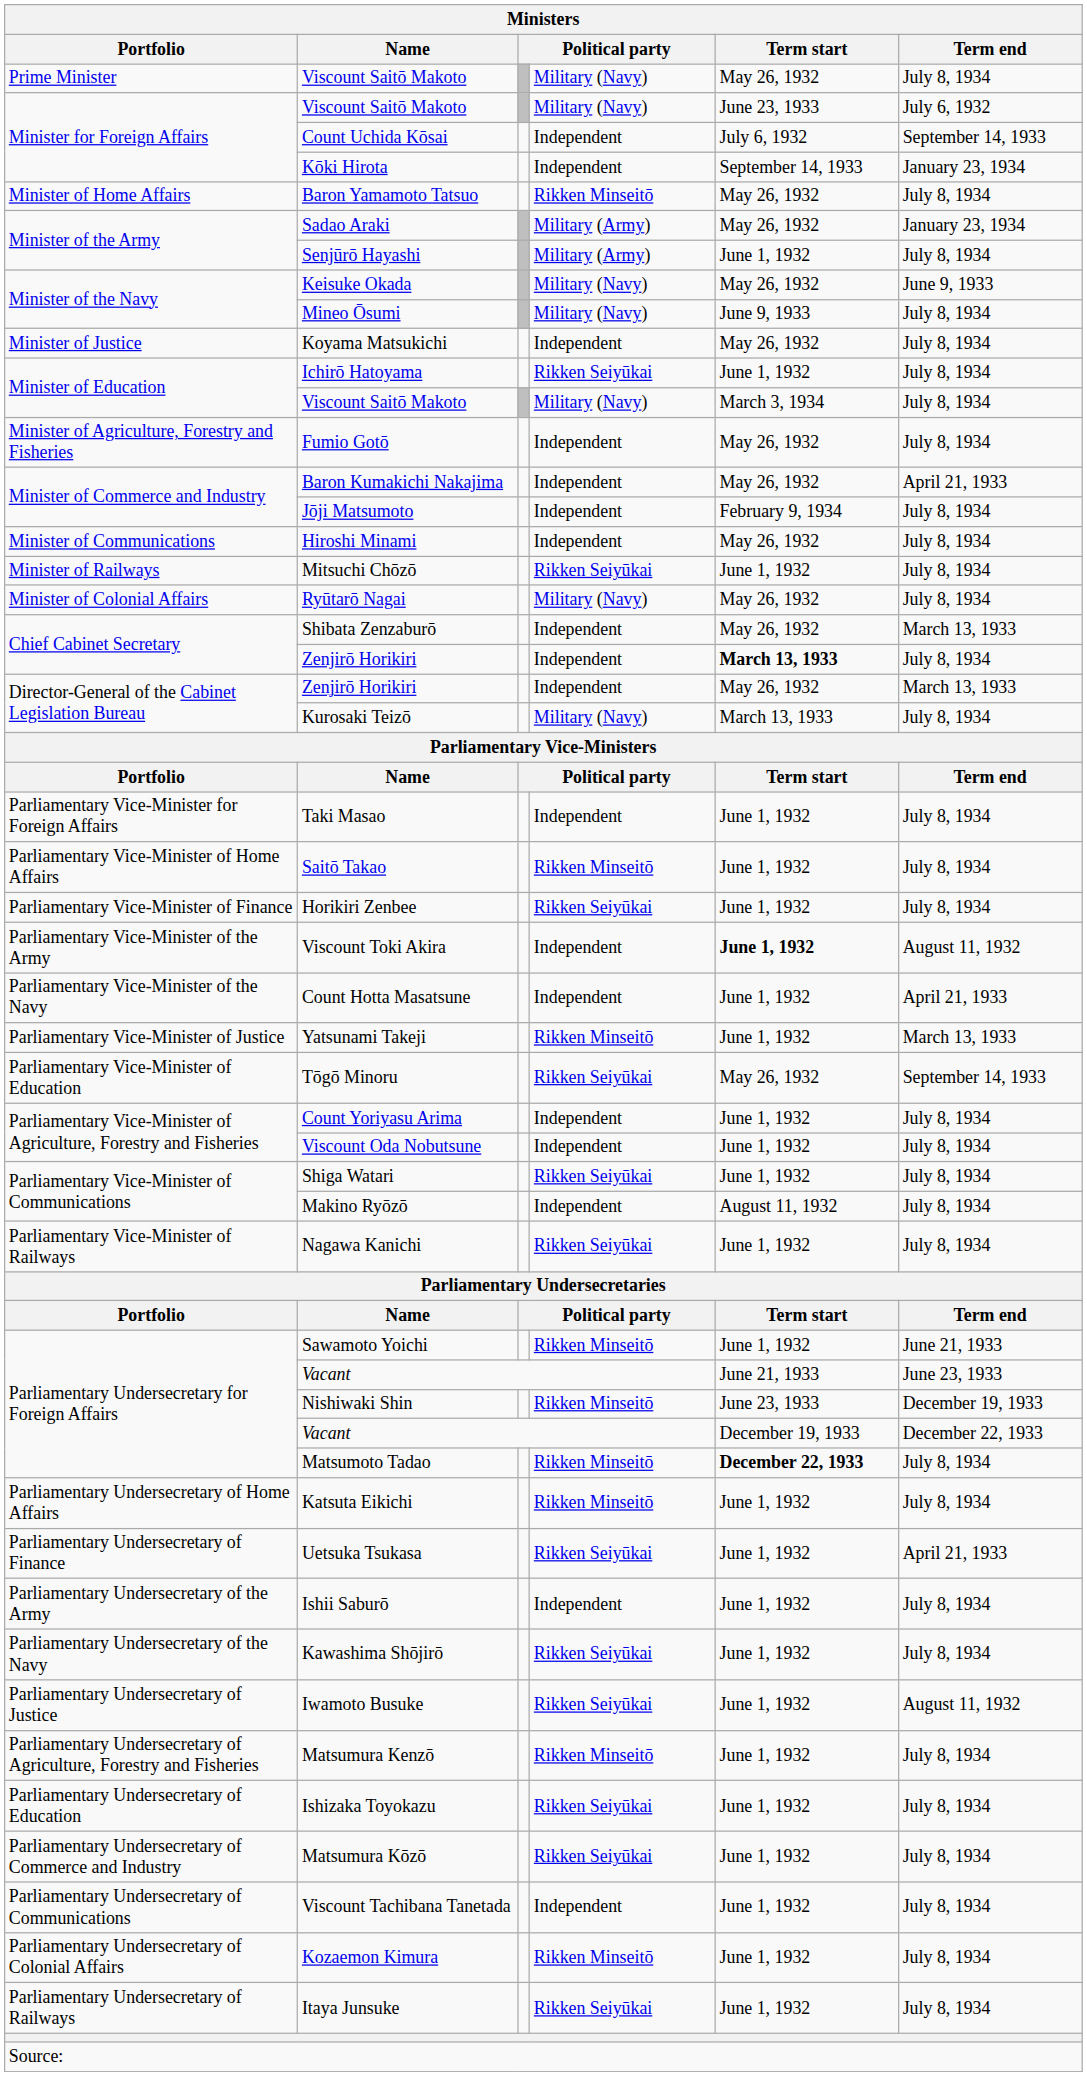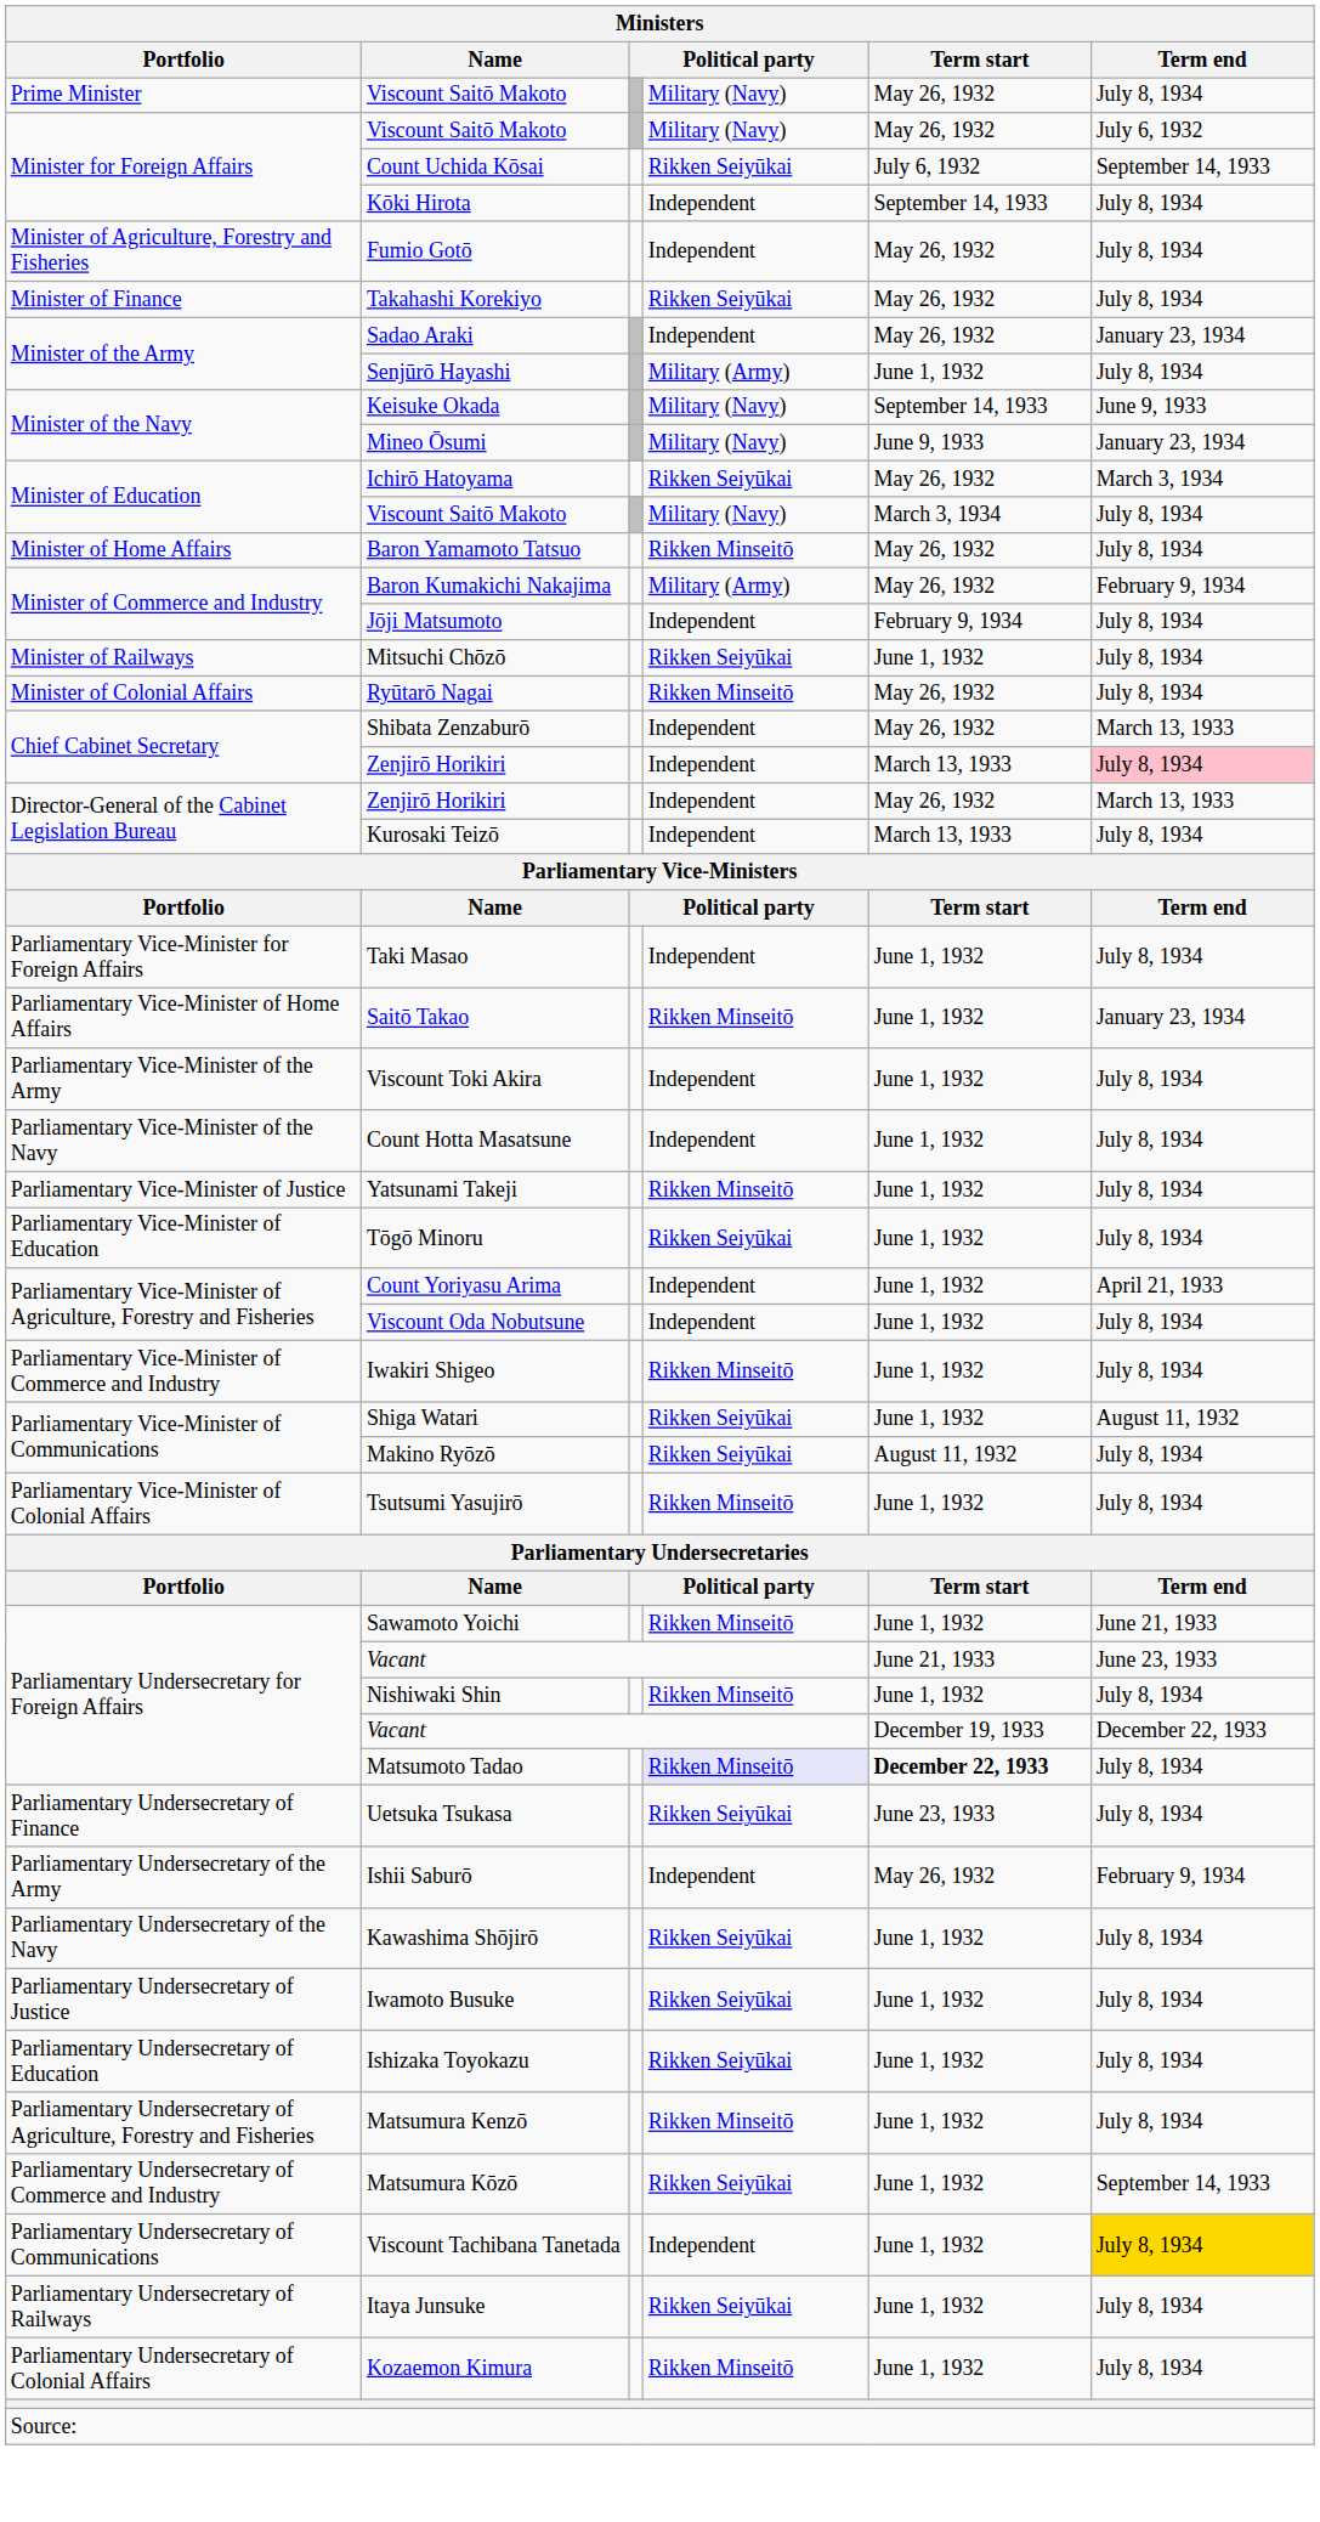 <table class="wikitable unsortable" style="font-size: 90%;">
 <tr>
 <th colspan="6">Ministers</th>
 </tr>
 <tr>
 <th scope="col" width="20%">Portfolio</th>
 <th scope="col" width="15%">Name</th>
 <th colspan="2" scope="col" width="13.5%">Political party</th>
 <th scope="col" width="12.5%">Term start</th>
 <th scope="col" width="12.5%">Term end</th>
 </tr>
 <tr>
 <td style="text-align: left;"><a href='#'>Prime Minister</a></td>
 <td><a href='#'>Viscount Saitō Makoto</a></td>
 <td style="color:inherit;background:#bfbfbf"></td>
 <td><a href='#'>Military</a> (<a href='#'>Navy</a>)</td>
 <td>May 26, 1932</td>
 <td>July 8, 1934</td>
 </tr>
 <tr>
 <td rowspan="3"><a href='#'>Minister for Foreign Affairs</a></td>
 <td><a href='#'>Viscount Saitō Makoto</a></td>
 <td style="color:inherit;background:#bfbfbf"></td>
 <td><a href='#'>Military</a> (<a href='#'>Navy</a>)</td>
-<td>June 23, 1933</td>
+<td>May 26, 1932</td>
 <td>July 6, 1932</td>
 </tr>
 <tr>
 <td><a href='#'>Count Uchida Kōsai</a></td>
 <td style="color:inherit;background:"></td>
-<td>Independent</td>
+<td><a href='#'>Rikken Seiyūkai</a></td>
 <td>July 6, 1932</td>
 <td>September 14, 1933</td>
 </tr>
 <tr>
 <td><a href='#'>Kōki Hirota</a></td>
 <td style="color:inherit;background:"></td>
 <td>Independent</td>
 <td>September 14, 1933</td>
-<td>January 23, 1934</td>
+<td>July 8, 1934</td>
 </tr>
 <tr>
-<td><a href='#'>Minister of Home Affairs</a></td>
-<td><a href='#'>Baron Yamamoto Tatsuo</a></td>
+<td><a href='#'>Minister of Agriculture, Forestry and Fisheries</a></td>
+<td><a href='#'>Fumio Gotō</a></td>
 <td style="color:inherit;background:"></td>
-<td><a href='#'>Rikken Minseitō</a></td>
+<td>Independent</td>
+<td>May 26, 1932</td>
+<td>July 8, 1934</td>
+</tr>
+<tr>
+<td><a href='#'>Minister of Finance</a></td>
+<td><a href='#'>Takahashi Korekiyo</a></td>
+<td style="color:inherit;background:"></td>
+<td><a href='#'>Rikken Seiyūkai</a></td>
 <td>May 26, 1932</td>
 <td>July 8, 1934</td>
 </tr>
 <tr>
 <td rowspan="2"><a href='#'>Minister of the Army</a></td>
 <td><a href='#'>Sadao Araki</a></td>
 <td style="color:inherit;background:#bfbfbf"></td>
-<td><a href='#'>Military</a> (<a href='#'>Army</a>)</td>
+<td>Independent</td>
 <td>May 26, 1932</td>
 <td>January 23, 1934</td>
 </tr>
 <tr>
 <td><a href='#'>Senjūrō Hayashi</a></td>
 <td style="color:inherit;background:#bfbfbf"></td>
 <td><a href='#'>Military</a> (<a href='#'>Army</a>)</td>
 <td>June 1, 1932</td>
 <td>July 8, 1934</td>
 </tr>
 <tr>
 <td rowspan="2"><a href='#'>Minister of the Navy</a></td>
 <td><a href='#'>Keisuke Okada</a></td>
 <td style="color:inherit;background:#bfbfbf"></td>
 <td><a href='#'>Military</a> (<a href='#'>Navy</a>)</td>
-<td>May 26, 1932</td>
+<td>September 14, 1933</td>
 <td>June 9, 1933</td>
 </tr>
 <tr>
 <td><a href='#'>Mineo Ōsumi</a></td>
 <td style="color:inherit;background:#bfbfbf"></td>
 <td><a href='#'>Military</a> (<a href='#'>Navy</a>)</td>
 <td>June 9, 1933</td>
-<td>July 8, 1934</td>
-</tr>
-<tr>
-<td><a href='#'>Minister of Justice</a></td>
-<td>Koyama Matsukichi</td>
-<td style="color:inherit;background:"></td>
-<td>Independent</td>
-<td>May 26, 1932</td>
-<td>July 8, 1934</td>
+<td>January 23, 1934</td>
 </tr>
 <tr>
 <td rowspan="2"><a href='#'>Minister of Education</a></td>
 <td><a href='#'>Ichirō Hatoyama</a></td>
 <td style="color:inherit;background:"></td>
 <td><a href='#'>Rikken Seiyūkai</a></td>
-<td>June 1, 1932</td>
-<td>July 8, 1934</td>
+<td>May 26, 1932</td>
+<td>March 3, 1934</td>
 </tr>
 <tr>
 <td><a href='#'>Viscount Saitō Makoto</a></td>
 <td style="color:inherit;background:#bfbfbf"></td>
 <td><a href='#'>Military</a> (<a href='#'>Navy</a>)</td>
 <td>March 3, 1934</td>
 <td>July 8, 1934</td>
 </tr>
 <tr>
-<td><a href='#'>Minister of Agriculture, Forestry and Fisheries</a></td>
-<td><a href='#'>Fumio Gotō</a></td>
+<td><a href='#'>Minister of Home Affairs</a></td>
+<td><a href='#'>Baron Yamamoto Tatsuo</a></td>
 <td style="color:inherit;background:"></td>
-<td>Independent</td>
+<td><a href='#'>Rikken Minseitō</a></td>
 <td>May 26, 1932</td>
 <td>July 8, 1934</td>
 </tr>
 <tr>
 <td rowspan="2"><a href='#'>Minister of Commerce and Industry</a></td>
 <td><a href='#'>Baron Kumakichi Nakajima</a></td>
 <td style="color:inherit;background:"></td>
-<td>Independent</td>
+<td><a href='#'>Military</a> (<a href='#'>Army</a>)</td>
 <td>May 26, 1932</td>
-<td>April 21, 1933</td>
+<td>February 9, 1934</td>
 </tr>
 <tr>
 <td><a href='#'>Jōji Matsumoto</a></td>
 <td style="color:inherit;background:"></td>
 <td>Independent</td>
 <td>February 9, 1934</td>
-<td>July 8, 1934</td>
-</tr>
-<tr>
-<td><a href='#'>Minister of Communications</a></td>
-<td><a href='#'>Hiroshi Minami</a></td>
-<td style="color:inherit;background:"></td>
-<td>Independent</td>
-<td>May 26, 1932</td>
 <td>July 8, 1934</td>
 </tr>
 <tr>
 <td><a href='#'>Minister of Railways</a></td>
 <td>Mitsuchi Chōzō</td>
 <td style="color:inherit;background:"></td>
 <td><a href='#'>Rikken Seiyūkai</a></td>
 <td>June 1, 1932</td>
 <td>July 8, 1934</td>
 </tr>
 <tr>
 <td><a href='#'>Minister of Colonial Affairs</a></td>
 <td><a href='#'>Ryūtarō Nagai</a></td>
 <td style="color:inherit;background:"></td>
-<td><a href='#'>Military</a> (<a href='#'>Navy</a>)</td>
+<td><a href='#'>Rikken Minseitō</a></td>
 <td>May 26, 1932</td>
 <td>July 8, 1934</td>
 </tr>
 <tr>
 <td rowspan="2"><a href='#'>Chief Cabinet Secretary</a></td>
 <td>Shibata Zenzaburō</td>
 <td style="color:inherit;background:"></td>
 <td>Independent</td>
 <td>May 26, 1932</td>
 <td>March 13, 1933</td>
 </tr>
 <tr>
 <td><a href='#'>Zenjirō Horikiri</a></td>
 <td style="color:inherit;background:"></td>
 <td>Independent</td>
-<td><strong>March 13, 1933</strong></td>
-<td>July 8, 1934</td>
+<td>March 13, 1933</td>
+<td style="background: pink;">July 8, 1934</td>
 </tr>
 <tr>
 <td rowspan="2">Director-General of the <a href='#'>Cabinet Legislation Bureau</a></td>
 <td><a href='#'>Zenjirō Horikiri</a></td>
 <td style="color:inherit;background:"></td>
 <td>Independent</td>
 <td>May 26, 1932</td>
 <td>March 13, 1933</td>
 </tr>
 <tr>
 <td>Kurosaki Teizō</td>
 <td style="color:inherit;background:"></td>
-<td><a href='#'>Military</a> (<a href='#'>Navy</a>)</td>
+<td>Independent</td>
 <td>March 13, 1933</td>
 <td>July 8, 1934</td>
 </tr>
 <tr>
 <th colspan="6">Parliamentary Vice-Ministers</th>
 </tr>
 <tr>
 <th>Portfolio</th>
 <th>Name</th>
 <th colspan="2">Political party</th>
 <th>Term start</th>
 <th>Term end</th>
 </tr>
 <tr>
 <td>Parliamentary Vice-Minister for Foreign Affairs</td>
 <td>Taki Masao</td>
 <td style="color:inherit;background:"></td>
 <td>Independent</td>
 <td>June 1, 1932</td>
 <td>July 8, 1934</td>
 </tr>
 <tr>
 <td>Parliamentary Vice-Minister of Home Affairs</td>
 <td><a href='#'>Saitō Takao</a></td>
 <td style="color:inherit;background:"></td>
 <td><a href='#'>Rikken Minseitō</a></td>
 <td>June 1, 1932</td>
-<td>July 8, 1934</td>
-</tr>
-<tr>
-<td>Parliamentary Vice-Minister of Finance</td>
-<td>Horikiri Zenbee</td>
-<td style="color:inherit;background:"></td>
-<td><a href='#'>Rikken Seiyūkai</a></td>
-<td>June 1, 1932</td>
-<td>July 8, 1934</td>
+<td>January 23, 1934</td>
 </tr>
 <tr>
 <td>Parliamentary Vice-Minister of the Army</td>
 <td>Viscount Toki Akira</td>
 <td style="color:inherit;background:"></td>
 <td>Independent</td>
-<td><strong>June 1, 1932</strong></td>
-<td>August 11, 1932</td>
+<td>June 1, 1932</td>
+<td>July 8, 1934</td>
 </tr>
 <tr>
 <td>Parliamentary Vice-Minister of the Navy</td>
 <td>Count Hotta Masatsune</td>
 <td style="color:inherit;background:"></td>
 <td>Independent</td>
 <td>June 1, 1932</td>
-<td>April 21, 1933</td>
+<td>July 8, 1934</td>
 </tr>
 <tr>
 <td>Parliamentary Vice-Minister of Justice</td>
 <td>Yatsunami Takeji</td>
 <td style="color:inherit;background:"></td>
 <td><a href='#'>Rikken Minseitō</a></td>
 <td>June 1, 1932</td>
-<td>March 13, 1933</td>
+<td>July 8, 1934</td>
 </tr>
 <tr>
 <td>Parliamentary Vice-Minister of Education</td>
 <td>Tōgō Minoru</td>
 <td style="color:inherit;background:"></td>
 <td><a href='#'>Rikken Seiyūkai</a></td>
-<td>May 26, 1932</td>
-<td>September 14, 1933</td>
+<td>June 1, 1932</td>
+<td>July 8, 1934</td>
 </tr>
 <tr>
 <td rowspan="2">Parliamentary Vice-Minister of Agriculture, Forestry and Fisheries</td>
 <td><a href='#'>Count Yoriyasu Arima</a></td>
 <td style="color:inherit;background:"></td>
 <td>Independent</td>
 <td>June 1, 1932</td>
-<td>July 8, 1934</td>
+<td>April 21, 1933</td>
 </tr>
 <tr>
 <td><a href='#'>Viscount Oda Nobutsune</a></td>
 <td style="color:inherit;background:"></td>
 <td>Independent</td>
 <td>June 1, 1932</td>
 <td>July 8, 1934</td>
 </tr>
 <tr>
+<td>Parliamentary Vice-Minister of Commerce and Industry</td>
+<td>Iwakiri Shigeo</td>
+<td style="color:inherit;background:"></td>
+<td><a href='#'>Rikken Minseitō</a></td>
+<td>June 1, 1932</td>
+<td>July 8, 1934</td>
+</tr>
+<tr>
 <td rowspan="2">Parliamentary Vice-Minister of Communications</td>
 <td>Shiga Watari</td>
 <td style="color:inherit;background:"></td>
 <td><a href='#'>Rikken Seiyūkai</a></td>
 <td>June 1, 1932</td>
-<td>July 8, 1934</td>
+<td>August 11, 1932</td>
 </tr>
 <tr>
 <td>Makino Ryōzō</td>
 <td style="color:inherit;background:"></td>
-<td>Independent</td>
+<td><a href='#'>Rikken Seiyūkai</a></td>
 <td>August 11, 1932</td>
 <td>July 8, 1934</td>
 </tr>
 <tr>
-<td>Parliamentary Vice-Minister of Railways</td>
-<td>Nagawa Kanichi</td>
+<td>Parliamentary Vice-Minister of Colonial Affairs</td>
+<td>Tsutsumi Yasujirō</td>
 <td style="color:inherit;background:"></td>
-<td><a href='#'>Rikken Seiyūkai</a></td>
+<td><a href='#'>Rikken Minseitō</a></td>
 <td>June 1, 1932</td>
 <td>July 8, 1934</td>
 </tr>
 <tr>
 <th colspan="6">Parliamentary Undersecretaries</th>
 </tr>
 <tr>
 <th>Portfolio</th>
 <th>Name</th>
 <th colspan="2">Political party</th>
 <th>Term start</th>
 <th>Term end</th>
 </tr>
 <tr>
 <td rowspan="5">Parliamentary Undersecretary for Foreign Affairs</td>
 <td>Sawamoto Yoichi</td>
 <td style="color:inherit;background:"></td>
 <td><a href='#'>Rikken Minseitō</a></td>
 <td>June 1, 1932</td>
 <td>June 21, 1933</td>
 </tr>
 <tr>
 <td colspan="3"><em>Vacant</em></td>
 <td>June 21, 1933</td>
 <td>June 23, 1933</td>
 </tr>
 <tr>
 <td>Nishiwaki Shin</td>
 <td style="color:inherit;background:"></td>
 <td><a href='#'>Rikken Minseitō</a></td>
-<td>June 23, 1933</td>
-<td>December 19, 1933</td>
+<td>June 1, 1932</td>
+<td>July 8, 1934</td>
 </tr>
 <tr>
 <td colspan="3"><em>Vacant</em></td>
 <td>December 19, 1933</td>
 <td>December 22, 1933</td>
 </tr>
 <tr>
 <td>Matsumoto Tadao</td>
 <td style="color:inherit;background:"></td>
-<td><a href='#'>Rikken Minseitō</a></td>
+<td style="background: lavender;"><a href='#'>Rikken Minseitō</a></td>
 <td><strong>December 22, 1933</strong></td>
-<td>July 8, 1934</td>
-</tr>
-<tr>
-<td>Parliamentary Undersecretary of Home Affairs</td>
-<td>Katsuta Eikichi</td>
-<td style="color:inherit;background:"></td>
-<td><a href='#'>Rikken Minseitō</a></td>
-<td>June 1, 1932</td>
 <td>July 8, 1934</td>
 </tr>
 <tr>
 <td>Parliamentary Undersecretary of Finance</td>
 <td>Uetsuka Tsukasa</td>
 <td style="color:inherit;background:"></td>
 <td><a href='#'>Rikken Seiyūkai</a></td>
-<td>June 1, 1932</td>
-<td>April 21, 1933</td>
+<td>June 23, 1933</td>
+<td>July 8, 1934</td>
 </tr>
 <tr>
 <td>Parliamentary Undersecretary of the Army</td>
 <td>Ishii Saburō</td>
 <td style="color:inherit;background:"></td>
 <td>Independent</td>
-<td>June 1, 1932</td>
-<td>July 8, 1934</td>
+<td>May 26, 1932</td>
+<td>February 9, 1934</td>
 </tr>
 <tr>
 <td>Parliamentary Undersecretary of the Navy</td>
 <td>Kawashima Shōjirō</td>
 <td style="color:inherit;background:"></td>
 <td><a href='#'>Rikken Seiyūkai</a></td>
 <td>June 1, 1932</td>
 <td>July 8, 1934</td>
 </tr>
 <tr>
 <td>Parliamentary Undersecretary of Justice</td>
 <td>Iwamoto Busuke</td>
 <td style="color:inherit;background:"></td>
 <td><a href='#'>Rikken Seiyūkai</a></td>
 <td>June 1, 1932</td>
-<td>August 11, 1932</td>
-</tr>
-<tr>
-<td>Parliamentary Undersecretary of Agriculture, Forestry and Fisheries</td>
-<td>Matsumura Kenzō</td>
-<td style="color:inherit;background:"></td>
-<td><a href='#'>Rikken Minseitō</a></td>
-<td>June 1, 1932</td>
 <td>July 8, 1934</td>
 </tr>
 <tr>
 <td>Parliamentary Undersecretary of Education</td>
 <td>Ishizaka Toyokazu</td>
 <td style="color:inherit;background:"></td>
 <td><a href='#'>Rikken Seiyūkai</a></td>
 <td>June 1, 1932</td>
 <td>July 8, 1934</td>
 </tr>
 <tr>
+<td>Parliamentary Undersecretary of Agriculture, Forestry and Fisheries</td>
+<td>Matsumura Kenzō</td>
+<td style="color:inherit;background:"></td>
+<td><a href='#'>Rikken Minseitō</a></td>
+<td>June 1, 1932</td>
+<td>July 8, 1934</td>
+</tr>
+<tr>
 <td>Parliamentary Undersecretary of Commerce and Industry</td>
 <td>Matsumura Kōzō</td>
 <td style="color:inherit;background:"></td>
 <td><a href='#'>Rikken Seiyūkai</a></td>
 <td>June 1, 1932</td>
-<td>July 8, 1934</td>
+<td>September 14, 1933</td>
 </tr>
 <tr>
 <td>Parliamentary Undersecretary of Communications</td>
 <td>Viscount Tachibana Tanetada</td>
 <td style="color:inherit;background:"></td>
 <td>Independent</td>
+<td>June 1, 1932</td>
+<td style="background: gold;">July 8, 1934</td>
+</tr>
+<tr>
+<td>Parliamentary Undersecretary of Railways</td>
+<td>Itaya Junsuke</td>
+<td style="color:inherit;background:"></td>
+<td><a href='#'>Rikken Seiyūkai</a></td>
 <td>June 1, 1932</td>
 <td>July 8, 1934</td>
 </tr>
 <tr>
 <td>Parliamentary Undersecretary of Colonial Affairs</td>
 <td><a href='#'>Kozaemon Kimura</a></td>
 <td style="color:inherit;background:"></td>
 <td><a href='#'>Rikken Minseitō</a></td>
 <td>June 1, 1932</td>
 <td>July 8, 1934</td>
 </tr>
 <tr>
-<td>Parliamentary Undersecretary of Railways</td>
-<td>Itaya Junsuke</td>
-<td style="color:inherit;background:"></td>
-<td><a href='#'>Rikken Seiyūkai</a></td>
-<td>June 1, 1932</td>
-<td>July 8, 1934</td>
-</tr>
-<tr>
 <th colspan="6"></th>
 </tr>
 <tr>
 <td colspan="6">Source:</td>
 </tr>
 </table>
